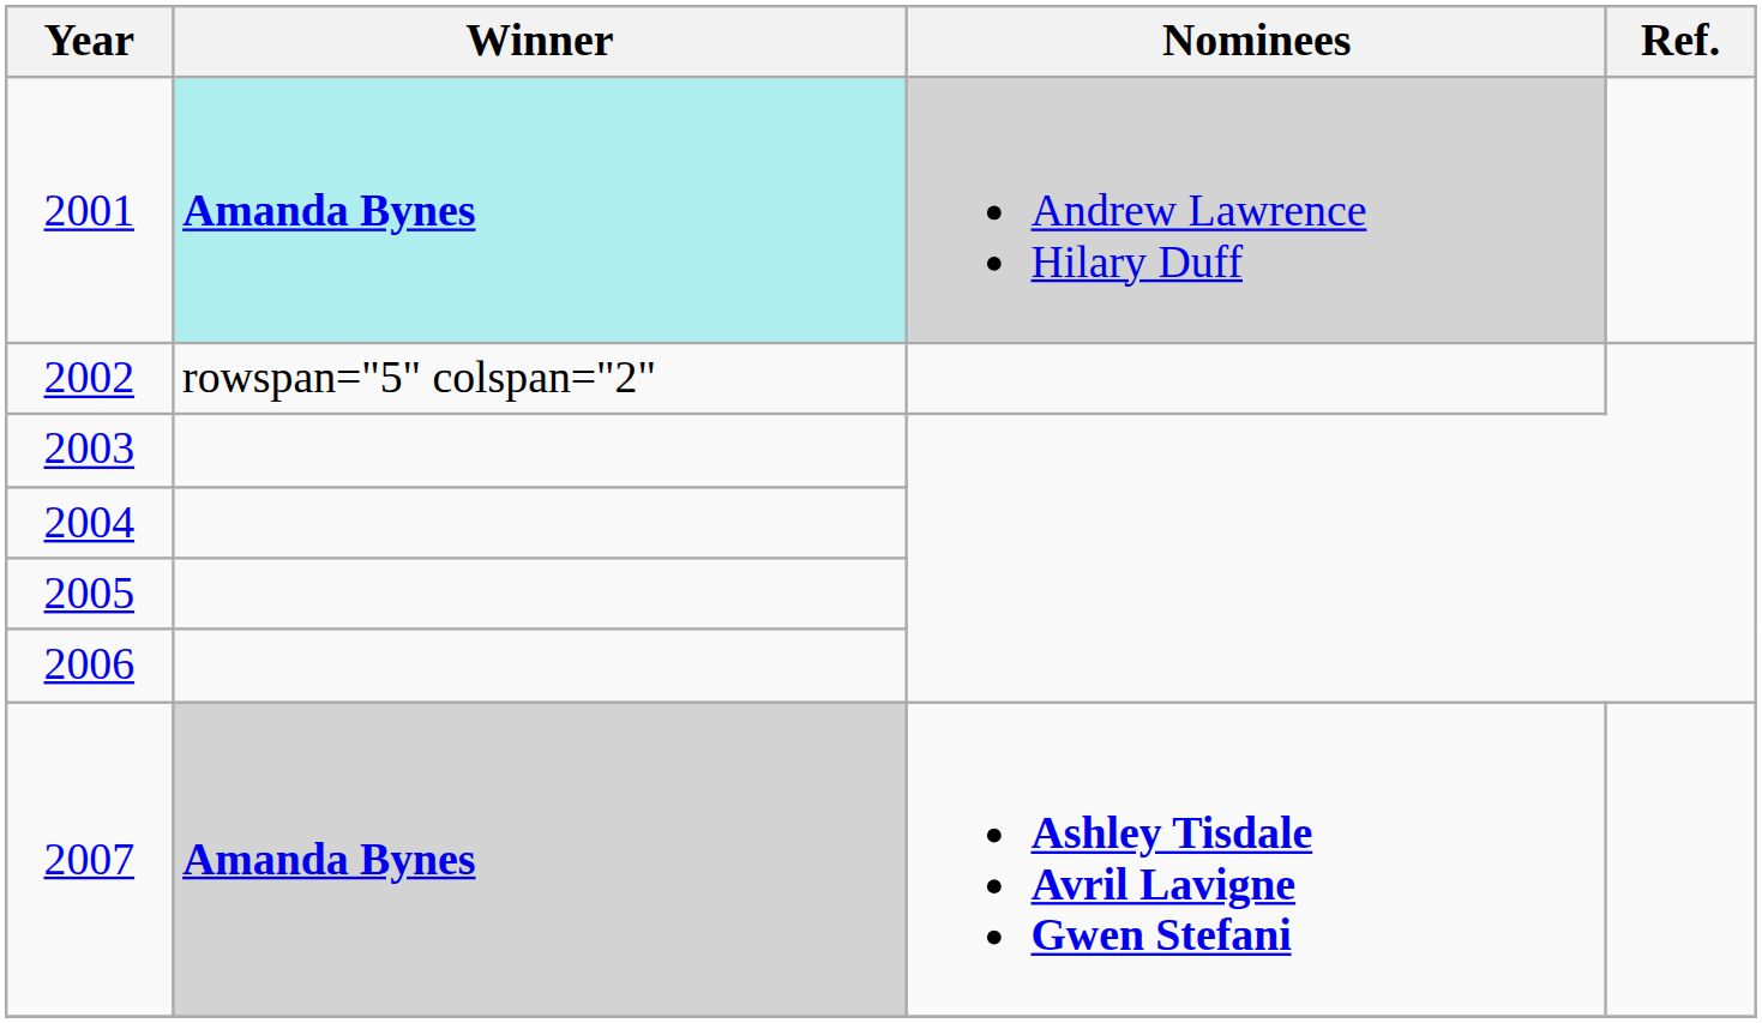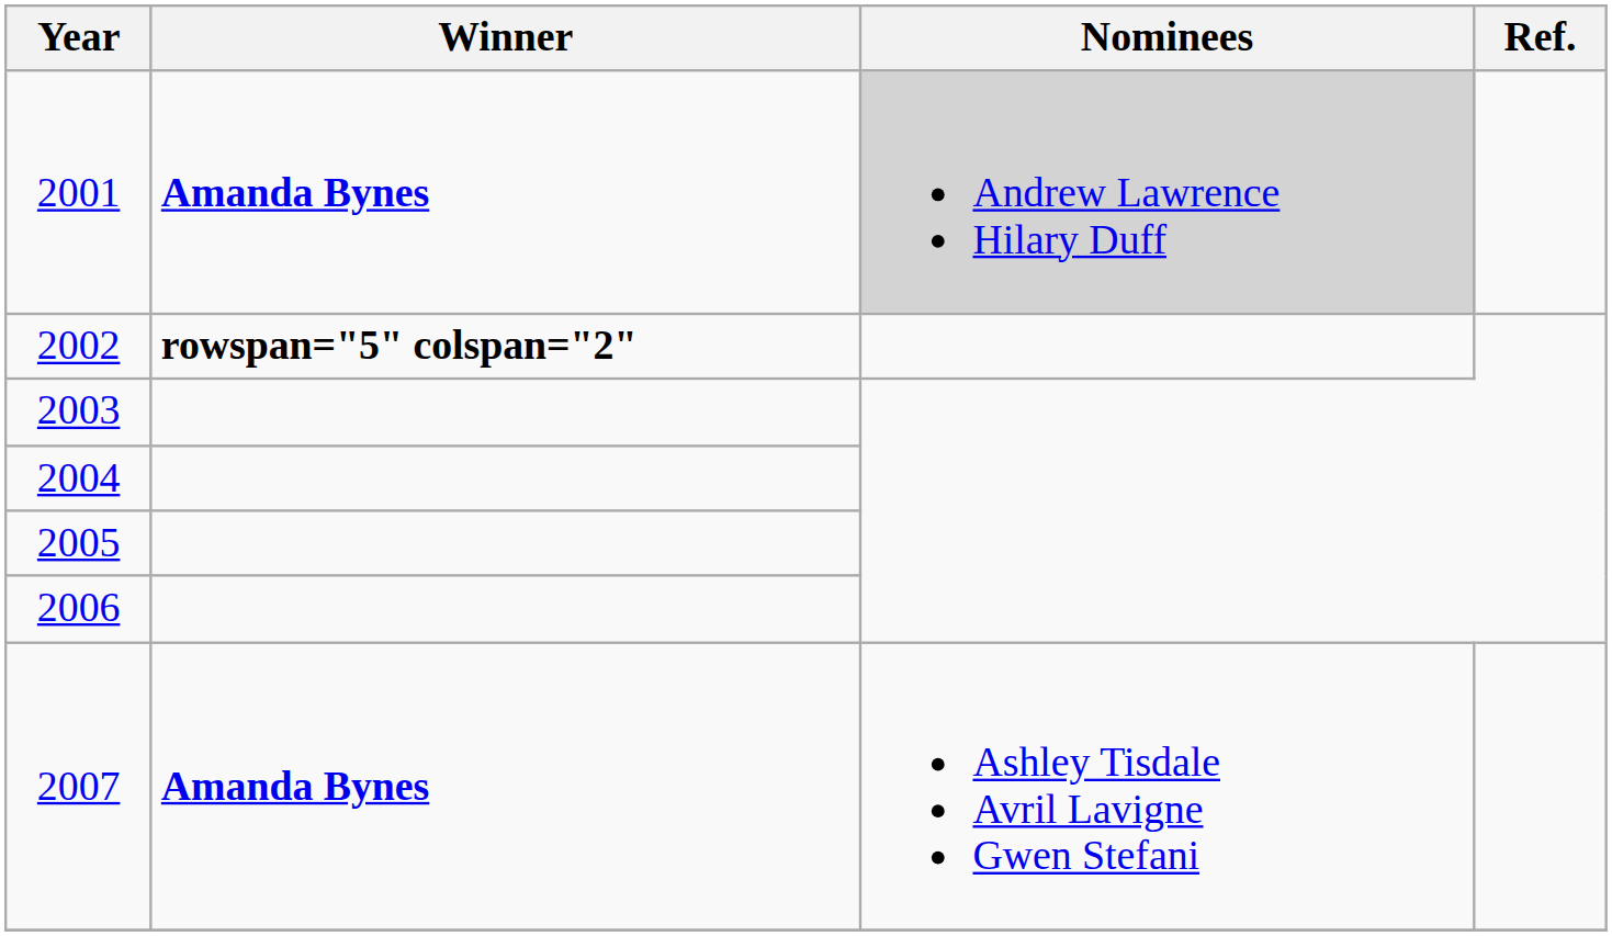 <table class="wikitable" width=70%>
 <tr>
 <th>Year</th>
 <th>Winner</th>
 <th>Nominees</th>
 <th>Ref.</th>
 </tr>
 <tr>
 <td align="center"><a href='#'>2001</a></td>
-<td style="background: paleturquoise;"><strong><a href='#'>Amanda Bynes</a></strong></td>
+<td><strong><a href='#'>Amanda Bynes</a></strong></td>
 <td style="background: lightgrey;"><br><ul><li><a href='#'>Andrew Lawrence</a></li><li><a href='#'>Hilary Duff</a></li></ul></td>
 <td align="center"></td>
 </tr>
 <tr>
 <td align="center"><a href='#'>2002</a></td>
-<td>rowspan="5" colspan="2" </td>
+<td><strong>rowspan="5" colspan="2" </strong></td>
 <td align="center"></td>
 </tr>
 <tr>
 <td align="center"><a href='#'>2003</a></td>
 <td align="center"></td>
 </tr>
 <tr>
 <td align="center"><a href='#'>2004</a></td>
 <td align="center"></td>
 </tr>
 <tr>
 <td align="center"><a href='#'>2005</a></td>
 <td align="center"></td>
 </tr>
 <tr>
 <td align="center"><a href='#'>2006</a></td>
 <td align="center"></td>
 </tr>
 <tr>
 <td align="center"><a href='#'>2007</a></td>
-<td style="background: lightgrey;"><strong><a href='#'>Amanda Bynes</a></strong></td>
-<td><strong><br><ul><li><a href='#'>Ashley Tisdale</a></li><li><a href='#'>Avril Lavigne</a></li><li><a href='#'>Gwen Stefani</a></li></ul></strong></td>
+<td><strong><a href='#'>Amanda Bynes</a></strong></td>
+<td><br><ul><li><a href='#'>Ashley Tisdale</a></li><li><a href='#'>Avril Lavigne</a></li><li><a href='#'>Gwen Stefani</a></li></ul></td>
 <td align="center"></td>
 </tr>
 <tr>
 </tr>
 </table>
